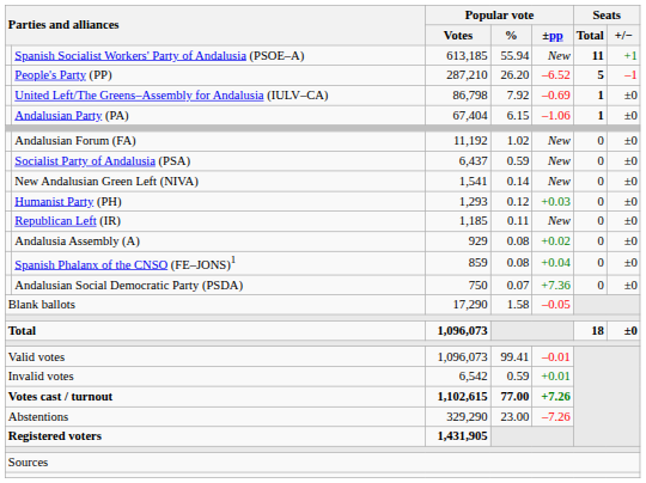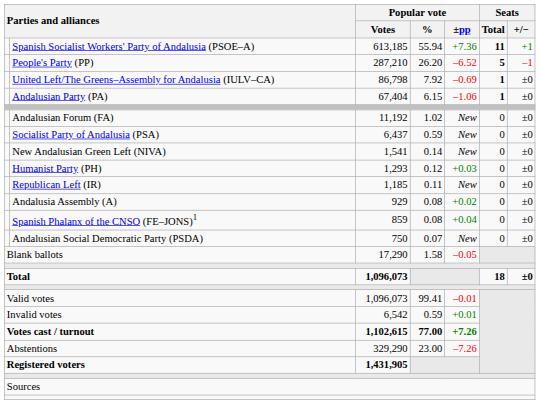 <table class="wikitable" style="text-align:right;">
 <tr>
 <th style="text-align:left;" rowspan="2" colspan="2" width="525">Parties and alliances</th>
 <th colspan="3">Popular vote</th>
 <th colspan="2">Seats</th>
 </tr>
 <tr>
 <th width="75">Votes</th>
 <th width="45">%</th>
 <th width="45">±<a href='#'>pp</a></th>
 <th width="35">Total</th>
 <th width="35">+/−</th>
 </tr>
 <tr>
 <td width="1" style="color:inherit;background:"></td>
 <td align="left"><a href='#'>Spanish Socialist Workers' Party of Andalusia</a> (PSOE–A)</td>
 <td>613,185</td>
 <td>55.94</td>
-<td><em>New</em></td>
+<td style="color:green;">+7.36</td>
 <td><strong>11</strong></td>
 <td style="color:green;">+1</td>
 </tr>
 <tr>
 <td style="color:inherit;background:"></td>
 <td align="left"><a href='#'>People's Party</a> (PP)</td>
 <td>287,210</td>
 <td>26.20</td>
 <td style="color:red;">–6.52</td>
 <td><strong>5</strong></td>
 <td style="color:red;">–1</td>
 </tr>
 <tr>
 <td style="color:inherit;background:"></td>
 <td align="left"><a href='#'>United Left/The Greens–Assembly for Andalusia</a> (IULV–CA)</td>
 <td>86,798</td>
 <td>7.92</td>
 <td style="color:red;">–0.69</td>
 <td><strong>1</strong></td>
 <td>±0</td>
 </tr>
 <tr>
 <td style="color:inherit;background:"></td>
 <td align="left"><a href='#'>Andalusian Party</a> (PA)</td>
 <td>67,404</td>
 <td>6.15</td>
 <td style="color:red;">–1.06</td>
 <td><strong>1</strong></td>
 <td>±0</td>
 </tr>
 <tr>
 <td colspan="7" bgcolor="#C0C0C0"></td>
 </tr>
 <tr>
 <td style="color:inherit;background:"></td>
 <td align="left">Andalusian Forum (FA)</td>
 <td>11,192</td>
 <td>1.02</td>
 <td><em>New</em></td>
 <td>0</td>
 <td>±0</td>
 </tr>
 <tr>
 <td style="color:inherit;background:"></td>
 <td align="left"><a href='#'>Socialist Party of Andalusia</a> (PSA)</td>
 <td>6,437</td>
 <td>0.59</td>
 <td><em>New</em></td>
 <td>0</td>
 <td>±0</td>
 </tr>
 <tr>
 <td style="color:inherit;background:"></td>
 <td align="left">New Andalusian Green Left (NIVA)</td>
 <td>1,541</td>
 <td>0.14</td>
 <td><em>New</em></td>
 <td>0</td>
 <td>±0</td>
 </tr>
 <tr>
 <td style="color:inherit;background:"></td>
 <td align="left"><a href='#'>Humanist Party</a> (PH)</td>
 <td>1,293</td>
 <td>0.12</td>
 <td style="color:green;">+0.03</td>
 <td>0</td>
 <td>±0</td>
 </tr>
 <tr>
 <td style="color:inherit;background:"></td>
 <td align="left"><a href='#'>Republican Left</a> (IR)</td>
 <td>1,185</td>
 <td>0.11</td>
 <td><em>New</em></td>
 <td>0</td>
 <td>±0</td>
 </tr>
 <tr>
 <td style="color:inherit;background:"></td>
 <td align="left">Andalusia Assembly (A)</td>
 <td>929</td>
 <td>0.08</td>
 <td style="color:green;">+0.02</td>
 <td>0</td>
 <td>±0</td>
 </tr>
 <tr>
 <td style="color:inherit;background:"></td>
 <td align="left"><a href='#'>Spanish Phalanx of the CNSO</a> (FE–JONS)<sup>1</sup></td>
 <td>859</td>
 <td>0.08</td>
 <td style="color:green;">+0.04</td>
 <td>0</td>
 <td>±0</td>
 </tr>
 <tr>
 <td style="color:inherit;background:"></td>
 <td align="left">Andalusian Social Democratic Party (PSDA)</td>
 <td>750</td>
 <td>0.07</td>
-<td style="color:green;">+7.36</td>
+<td><em>New</em></td>
 <td>0</td>
 <td>±0</td>
 </tr>
 <tr>
 <td align="left" colspan="2">Blank ballots</td>
 <td>17,290</td>
 <td>1.58</td>
 <td style="color:red;">–0.05</td>
 <td bgcolor="#E9E9E9" colspan="2"></td>
 </tr>
 <tr>
 <td colspan="7" bgcolor="#E9E9E9"></td>
 </tr>
 <tr style="font-weight:bold;">
 <td align="left" colspan="2">Total</td>
 <td>1,096,073</td>
 <td bgcolor="#E9E9E9" colspan="2"></td>
 <td>18</td>
 <td>±0</td>
 </tr>
 <tr>
 <td colspan="7" bgcolor="#E9E9E9"></td>
 </tr>
 <tr>
 <td align="left" colspan="2">Valid votes</td>
 <td>1,096,073</td>
 <td>99.41</td>
 <td style="color:red;">–0.01</td>
 <td bgcolor="#E9E9E9" colspan="2" rowspan="5"></td>
 </tr>
 <tr>
 <td align="left" colspan="2">Invalid votes</td>
 <td>6,542</td>
 <td>0.59</td>
 <td style="color:green;">+0.01</td>
 </tr>
 <tr style="font-weight:bold;">
 <td align="left" colspan="2">Votes cast / turnout</td>
 <td>1,102,615</td>
 <td>77.00</td>
 <td style="color:green;">+7.26</td>
 </tr>
 <tr>
 <td align="left" colspan="2">Abstentions</td>
 <td>329,290</td>
 <td>23.00</td>
 <td style="color:red;">–7.26</td>
 </tr>
 <tr style="font-weight:bold;">
 <td align="left" colspan="2">Registered voters</td>
 <td>1,431,905</td>
 <td bgcolor="#E9E9E9" colspan="2"></td>
 </tr>
 <tr>
 <td colspan="7" bgcolor="#E9E9E9"></td>
 </tr>
 <tr>
 <td align="left" colspan="7">Sources</td>
 </tr>
 <tr>
 <td colspan="7" style="text-align:left; max-width:790px;"></td>
 </tr>
 </table>
